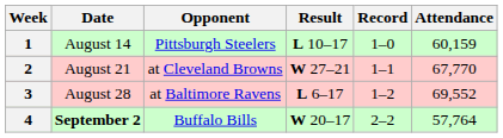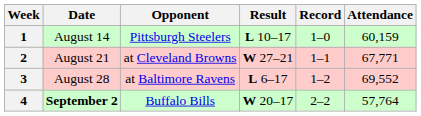 <table class="wikitable" style="text-align:center">
 <tr>
 <th>Week</th>
 <th>Date</th>
 <th>Opponent</th>
 <th>Result</th>
 <th>Record</th>
 <th>Attendance</th>
 </tr>
 <tr style="background:#cfc">
 <th>1</th>
 <td>August 14</td>
 <td><a href='#'>Pittsburgh Steelers</a></td>
 <td><strong>L</strong> 10–17</td>
 <td>1–0</td>
 <td>60,159</td>
 </tr>
 <tr style="background:#fcc">
 <th>2</th>
 <td>August 21</td>
 <td>at <a href='#'>Cleveland Browns</a></td>
 <td><strong>W</strong> 27–21</td>
 <td>1–1</td>
-<td>67,770</td>
+<td>67,771</td>
 </tr>
 <tr style="background:#fcc">
 <th>3</th>
 <td>August 28</td>
 <td>at <a href='#'>Baltimore Ravens</a></td>
 <td><strong>L</strong> 6–17</td>
 <td>1–2</td>
 <td>69,552</td>
 </tr>
 <tr style="background:#cfc">
 <th>4</th>
 <td><strong>September 2</strong></td>
 <td><a href='#'>Buffalo Bills</a></td>
 <td><strong>W</strong> 20–17</td>
 <td>2–2</td>
 <td>57,764</td>
 </tr>
 </table>
